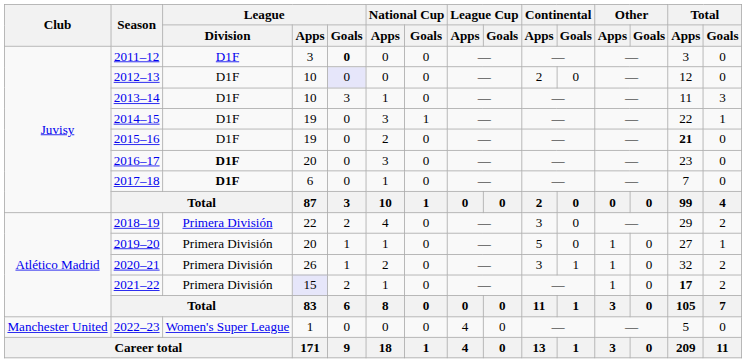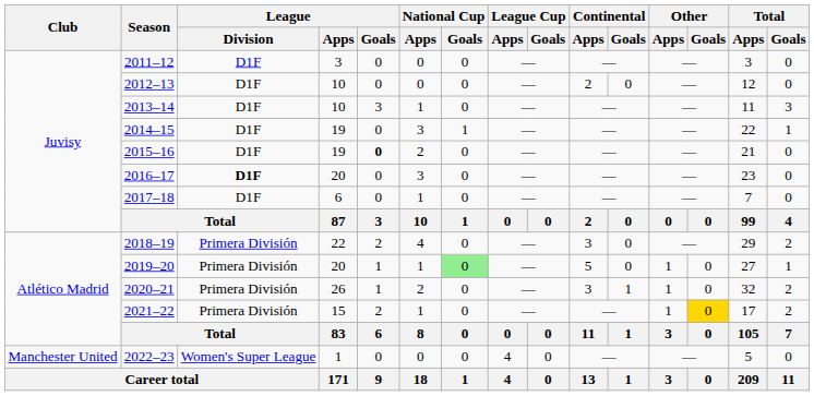 <table class="wikitable" style="text-align:center">
 <tr>
 <th rowspan="2">Club</th>
 <th rowspan="2">Season</th>
 <th colspan="3">League</th>
 <th colspan="2">National Cup</th>
 <th colspan="2">League Cup</th>
 <th colspan="2">Continental</th>
 <th colspan="2">Other</th>
 <th colspan="2">Total</th>
 </tr>
 <tr>
 <th>Division</th>
 <th>Apps</th>
 <th>Goals</th>
 <th>Apps</th>
 <th>Goals</th>
 <th>Apps</th>
 <th>Goals</th>
 <th>Apps</th>
 <th>Goals</th>
 <th>Apps</th>
 <th>Goals</th>
 <th>Apps</th>
 <th>Goals</th>
 </tr>
 <tr>
 <td rowspan="8"><a href='#'>Juvisy</a></td>
 <td><a href='#'>2011–12</a></td>
 <td><a href='#'>D1F</a></td>
 <td>3</td>
-<td><strong>0</strong></td>
+<td>0</td>
 <td>0</td>
 <td>0</td>
 <td colspan="2">—</td>
 <td colspan="2">—</td>
 <td colspan="2">—</td>
 <td>3</td>
 <td>0</td>
 </tr>
 <tr>
 <td><a href='#'>2012–13</a></td>
 <td>D1F</td>
 <td>10</td>
-<td style="background: lavender;">0</td>
+<td>0</td>
 <td>0</td>
 <td>0</td>
 <td colspan="2">—</td>
 <td>2</td>
 <td>0</td>
 <td colspan="2">—</td>
 <td>12</td>
 <td>0</td>
 </tr>
 <tr>
 <td><a href='#'>2013–14</a></td>
 <td>D1F</td>
 <td>10</td>
 <td>3</td>
 <td>1</td>
 <td>0</td>
 <td colspan="2">—</td>
 <td colspan="2">—</td>
 <td colspan="2">—</td>
 <td>11</td>
 <td>3</td>
 </tr>
 <tr>
 <td><a href='#'>2014–15</a></td>
 <td>D1F</td>
 <td>19</td>
 <td>0</td>
 <td>3</td>
 <td>1</td>
 <td colspan="2">—</td>
 <td colspan="2">—</td>
 <td colspan="2">—</td>
 <td>22</td>
 <td>1</td>
 </tr>
 <tr>
 <td><a href='#'>2015–16</a></td>
 <td>D1F</td>
 <td>19</td>
-<td>0</td>
+<td><strong>0</strong></td>
 <td>2</td>
 <td>0</td>
 <td colspan="2">—</td>
 <td colspan="2">—</td>
 <td colspan="2">—</td>
-<td><strong>21</strong></td>
+<td>21</td>
 <td>0</td>
 </tr>
 <tr>
 <td><a href='#'>2016–17</a></td>
 <td><strong>D1F</strong></td>
 <td>20</td>
 <td>0</td>
 <td>3</td>
 <td>0</td>
 <td colspan="2">—</td>
 <td colspan="2">—</td>
 <td colspan="2">—</td>
 <td>23</td>
 <td>0</td>
 </tr>
 <tr>
 <td><a href='#'>2017–18</a></td>
-<td><strong>D1F</strong></td>
+<td>D1F</td>
 <td>6</td>
 <td>0</td>
 <td>1</td>
 <td>0</td>
 <td colspan="2">—</td>
 <td colspan="2">—</td>
 <td colspan="2">—</td>
 <td>7</td>
 <td>0</td>
 </tr>
 <tr>
 <th colspan="2">Total</th>
 <th>87</th>
 <th>3</th>
 <th>10</th>
 <th>1</th>
 <th>0</th>
 <th>0</th>
 <th>2</th>
 <th>0</th>
 <th>0</th>
 <th>0</th>
 <th>99</th>
 <th>4</th>
 </tr>
 <tr>
 <td rowspan="5"><a href='#'>Atlético Madrid</a></td>
 <td><a href='#'>2018–19</a></td>
 <td><a href='#'>Primera División</a></td>
 <td>22</td>
 <td>2</td>
 <td>4</td>
 <td>0</td>
 <td colspan="2">—</td>
 <td>3</td>
 <td>0</td>
 <td colspan="2">—</td>
 <td>29</td>
 <td>2</td>
 </tr>
 <tr>
 <td><a href='#'>2019–20</a></td>
 <td>Primera División</td>
 <td>20</td>
 <td>1</td>
 <td>1</td>
-<td>0</td>
+<td style="background: lightgreen;">0</td>
 <td colspan="2">—</td>
 <td>5</td>
 <td>0</td>
 <td>1</td>
 <td>0</td>
 <td>27</td>
 <td>1</td>
 </tr>
 <tr>
 <td><a href='#'>2020–21</a></td>
 <td>Primera División</td>
 <td>26</td>
 <td>1</td>
 <td>2</td>
 <td>0</td>
 <td colspan="2">—</td>
 <td>3</td>
 <td>1</td>
 <td>1</td>
 <td>0</td>
 <td>32</td>
 <td>2</td>
 </tr>
 <tr>
 <td><a href='#'>2021–22</a></td>
 <td>Primera División</td>
-<td style="background: lavender;">15</td>
+<td>15</td>
 <td>2</td>
 <td>1</td>
 <td>0</td>
 <td colspan="2">—</td>
 <td colspan="2">—</td>
 <td>1</td>
-<td>0</td>
-<td><strong>17</strong></td>
+<td style="background: gold;">0</td>
+<td>17</td>
 <td>2</td>
 </tr>
 <tr>
 <th colspan="2">Total</th>
 <th>83</th>
 <th>6</th>
 <th>8</th>
 <th>0</th>
 <th>0</th>
 <th>0</th>
 <th>11</th>
 <th>1</th>
 <th>3</th>
 <th>0</th>
 <th>105</th>
 <th>7</th>
 </tr>
 <tr>
 <td><a href='#'>Manchester United</a></td>
 <td><a href='#'>2022–23</a></td>
 <td><a href='#'>Women's Super League</a></td>
 <td>1</td>
 <td>0</td>
 <td>0</td>
 <td>0</td>
 <td>4</td>
 <td>0</td>
 <td colspan="2">—</td>
 <td colspan="2">—</td>
 <td>5</td>
 <td>0</td>
 </tr>
 <tr>
 <th colspan="3">Career total</th>
 <th>171</th>
 <th>9</th>
 <th>18</th>
 <th>1</th>
 <th>4</th>
 <th>0</th>
 <th>13</th>
 <th>1</th>
 <th>3</th>
 <th>0</th>
 <th>209</th>
 <th>11</th>
 </tr>
 </table>
